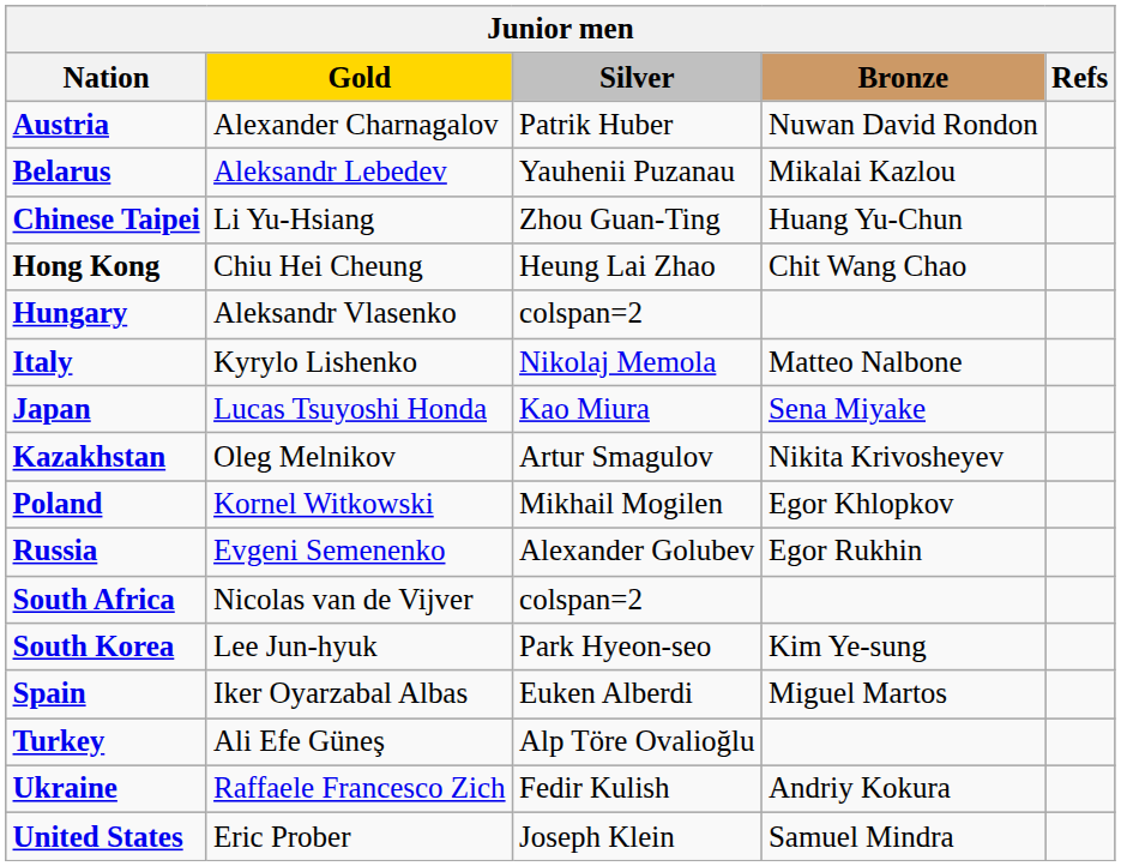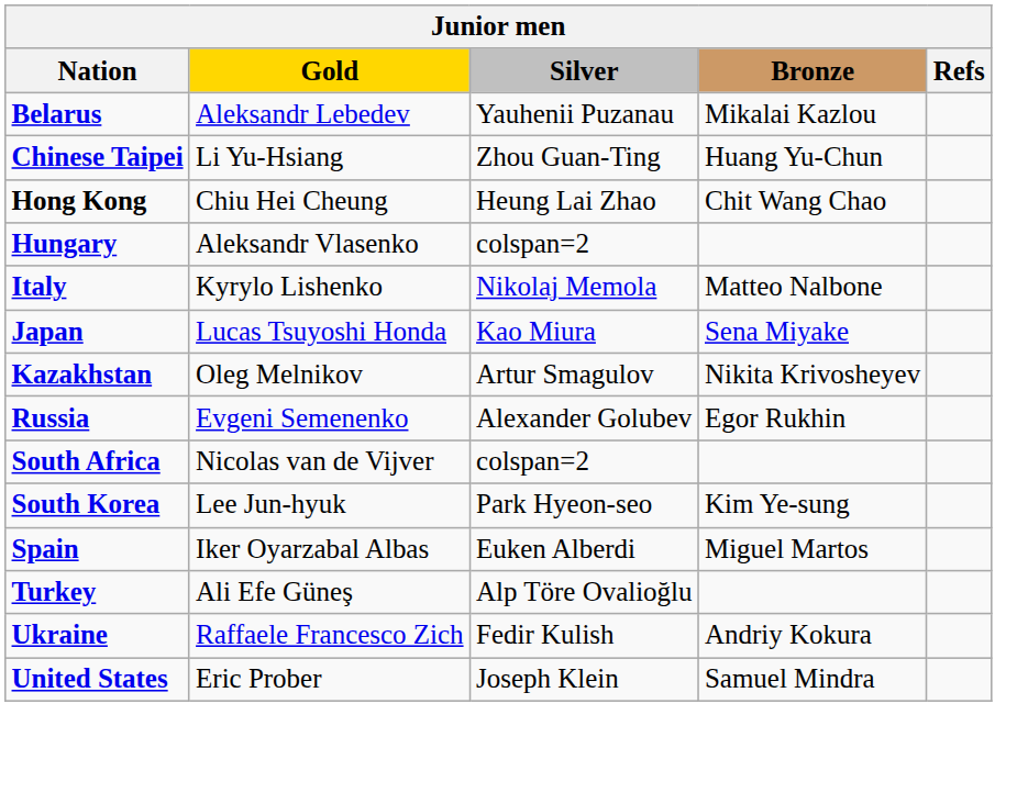 <table class="wikitable">
 <tr>
 <th colspan=5>Junior men</th>
 </tr>
 <tr>
 <th>Nation</th>
 <td style="text-align:center; background:gold;"><strong>Gold</strong></td>
 <td style="text-align:center; background:silver;"><strong>Silver</strong></td>
 <td style="text-align:center; background:#c96;"><strong>Bronze</strong></td>
 <th>Refs</th>
-</tr>
-<tr>
-<td><strong> <a href='#'>Austria</a></strong></td>
-<td>Alexander Charnagalov</td>
-<td>Patrik Huber</td>
-<td>Nuwan David Rondon</td>
-<td></td>
 </tr>
 <tr>
 <td><strong> <a href='#'>Belarus</a></strong></td>
 <td><a href='#'>Aleksandr Lebedev</a></td>
 <td>Yauhenii Puzanau</td>
 <td>Mikalai Kazlou</td>
 <td></td>
 </tr>
 <tr>
 <td><strong> <a href='#'>Chinese Taipei</a></strong></td>
 <td>Li Yu-Hsiang</td>
 <td>Zhou Guan-Ting</td>
 <td>Huang Yu-Chun</td>
 <td></td>
 </tr>
 <tr>
 <td><strong> Hong Kong</strong></td>
 <td>Chiu Hei Cheung</td>
 <td>Heung Lai Zhao</td>
 <td>Chit Wang Chao</td>
 <td></td>
 </tr>
 <tr>
 <td><strong> <a href='#'>Hungary</a></strong></td>
 <td>Aleksandr Vlasenko</td>
 <td>colspan=2 </td>
 <td></td>
 </tr>
 <tr>
 <td><strong> <a href='#'>Italy</a></strong></td>
 <td>Kyrylo Lishenko</td>
 <td><a href='#'>Nikolaj Memola</a></td>
 <td>Matteo Nalbone</td>
 <td></td>
 </tr>
 <tr>
 <td><strong> <a href='#'>Japan</a></strong></td>
 <td><a href='#'>Lucas Tsuyoshi Honda</a></td>
 <td><a href='#'>Kao Miura</a></td>
 <td><a href='#'>Sena Miyake</a></td>
 <td></td>
 </tr>
 <tr>
 <td><strong> <a href='#'>Kazakhstan</a></strong></td>
 <td>Oleg Melnikov</td>
 <td>Artur Smagulov</td>
 <td>Nikita Krivosheyev</td>
-<td></td>
-</tr>
-<tr>
-<td><strong> <a href='#'>Poland</a></strong></td>
-<td><a href='#'>Kornel Witkowski</a></td>
-<td>Mikhail Mogilen</td>
-<td>Egor Khlopkov</td>
 <td></td>
 </tr>
 <tr>
 <td><strong> <a href='#'>Russia</a></strong></td>
 <td><a href='#'>Evgeni Semenenko</a></td>
 <td>Alexander Golubev</td>
 <td>Egor Rukhin</td>
 <td></td>
 </tr>
 <tr>
 <td><strong> <a href='#'>South Africa</a></strong></td>
 <td>Nicolas van de Vijver</td>
 <td>colspan=2 </td>
 <td></td>
 </tr>
 <tr>
 <td><strong> <a href='#'>South Korea</a></strong></td>
 <td>Lee Jun-hyuk</td>
 <td>Park Hyeon-seo</td>
 <td>Kim Ye-sung</td>
 <td></td>
 </tr>
 <tr>
 <td><strong> <a href='#'>Spain</a></strong></td>
 <td>Iker Oyarzabal Albas</td>
 <td>Euken Alberdi</td>
 <td>Miguel Martos</td>
 <td></td>
 </tr>
 <tr>
 <td><strong> <a href='#'>Turkey</a></strong></td>
 <td>Ali Efe Güneş</td>
 <td>Alp Töre Ovalioğlu</td>
 <td></td>
 <td></td>
 </tr>
 <tr>
 <td><strong> <a href='#'>Ukraine</a></strong></td>
 <td><a href='#'>Raffaele Francesco Zich</a></td>
 <td>Fedir Kulish</td>
 <td>Andriy Kokura</td>
 <td></td>
 </tr>
 <tr>
 <td><strong> <a href='#'>United States</a></strong></td>
 <td>Eric Prober</td>
 <td>Joseph Klein</td>
 <td>Samuel Mindra</td>
 <td></td>
 </tr>
 </table>
